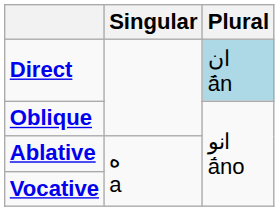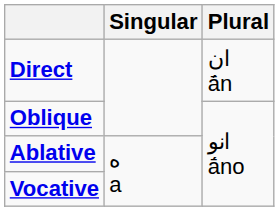 <table class="wikitable">
 <tr>
 <th></th>
 <th><strong>Singular</strong></th>
 <th><strong>Plural</strong></th>
 </tr>
 <tr>
 <td><strong><a href='#'>Direct</a></strong></td>
 <td rowspan="2"></td>
-<td style="background: lightblue;">ان <br>ā́n</td>
+<td>ان <br>ā́n</td>
 </tr>
 <tr>
 <td><strong><a href='#'>Oblique</a></strong></td>
 <td rowspan="3">انو<br>ā́no</td>
 </tr>
 <tr>
 <td><strong><a href='#'>Ablative</a></strong></td>
 <td rowspan="2">ه<br>a</td>
 </tr>
 <tr>
 <td><strong><a href='#'>Vocative</a></strong></td>
 </tr>
 </table>
